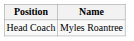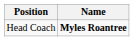 <table class="wikitable">
 <tr>
 <th>Position</th>
 <th>Name</th>
 </tr>
 <tr>
 <td>Head Coach</td>
-<td> Myles Roantree</td>
+<td><strong> Myles Roantree</strong></td>
 </tr>
 </table>
